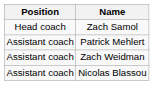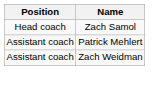 <table class="wikitable" style="text-align: center;">
 <tr>
 <th>Position</th>
 <th>Name</th>
 </tr>
 <tr>
 <td>Head coach</td>
 <td>Zach Samol</td>
 </tr>
 <tr>
 <td>Assistant coach</td>
 <td>Patrick Mehlert</td>
 </tr>
 <tr>
 <td>Assistant coach</td>
 <td>Zach Weidman</td>
 </tr>
-<tr>
-<td>Assistant coach</td>
-<td>Nicolas Blassou</td>
-</tr>
 </table>
